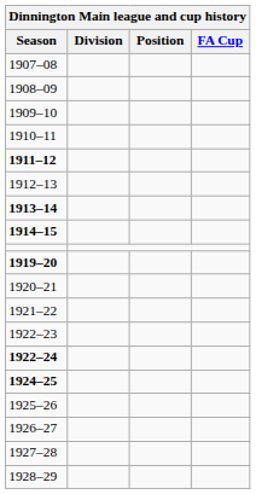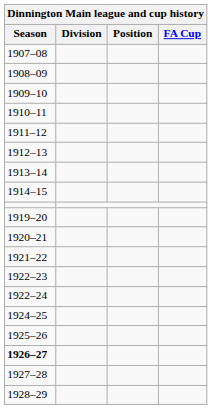 <table class="wikitable collapsible collapsed" style=font-size:75%>
 <tr>
 <th colspan="4"><strong>Dinnington Main league and cup history</strong></th>
 </tr>
 <tr>
 <th>Season</th>
 <th>Division</th>
 <th>Position</th>
 <th><a href='#'>FA Cup</a></th>
 </tr>
 <tr>
 <td>1907–08</td>
 <td></td>
 <td></td>
 <td></td>
 </tr>
 <tr>
 <td>1908–09</td>
 <td></td>
 <td></td>
 <td></td>
 </tr>
 <tr>
 <td>1909–10</td>
 <td></td>
 <td></td>
 <td></td>
 </tr>
 <tr>
 <td>1910–11</td>
 <td></td>
 <td></td>
 <td></td>
 </tr>
 <tr>
-<td><strong>1911–12</strong></td>
+<td>1911–12</td>
 <td></td>
 <td></td>
 <td></td>
 </tr>
 <tr>
 <td>1912–13</td>
 <td></td>
 <td></td>
 <td></td>
 </tr>
 <tr>
-<td><strong>1913–14</strong></td>
+<td>1913–14</td>
 <td></td>
 <td></td>
 <td></td>
 </tr>
 <tr>
-<td><strong>1914–15</strong></td>
+<td>1914–15</td>
 <td></td>
 <td></td>
 <td></td>
 </tr>
 <tr>
 <td></td>
 </tr>
 <tr>
-<td><strong>1919–20</strong></td>
+<td>1919–20</td>
 <td></td>
 <td></td>
 <td></td>
 </tr>
 <tr>
 <td>1920–21</td>
 <td></td>
 <td></td>
 <td></td>
 </tr>
 <tr>
 <td>1921–22</td>
 <td></td>
 <td></td>
 <td></td>
 </tr>
 <tr>
 <td>1922–23</td>
 <td></td>
 <td></td>
 <td></td>
 </tr>
 <tr>
-<td><strong>1922–24</strong></td>
+<td>1922–24</td>
 <td></td>
 <td></td>
 <td></td>
 </tr>
 <tr>
-<td><strong>1924–25</strong></td>
+<td>1924–25</td>
 <td></td>
 <td></td>
 <td></td>
 </tr>
 <tr>
 <td>1925–26</td>
 <td></td>
 <td></td>
 <td></td>
 </tr>
 <tr>
-<td>1926–27</td>
+<td><strong>1926–27</strong></td>
 <td></td>
 <td></td>
 <td></td>
 </tr>
 <tr>
 <td>1927–28</td>
 <td></td>
 <td></td>
 <td></td>
 </tr>
 <tr>
 <td>1928–29</td>
 <td></td>
 <td></td>
 <td></td>
 </tr>
 </table>
